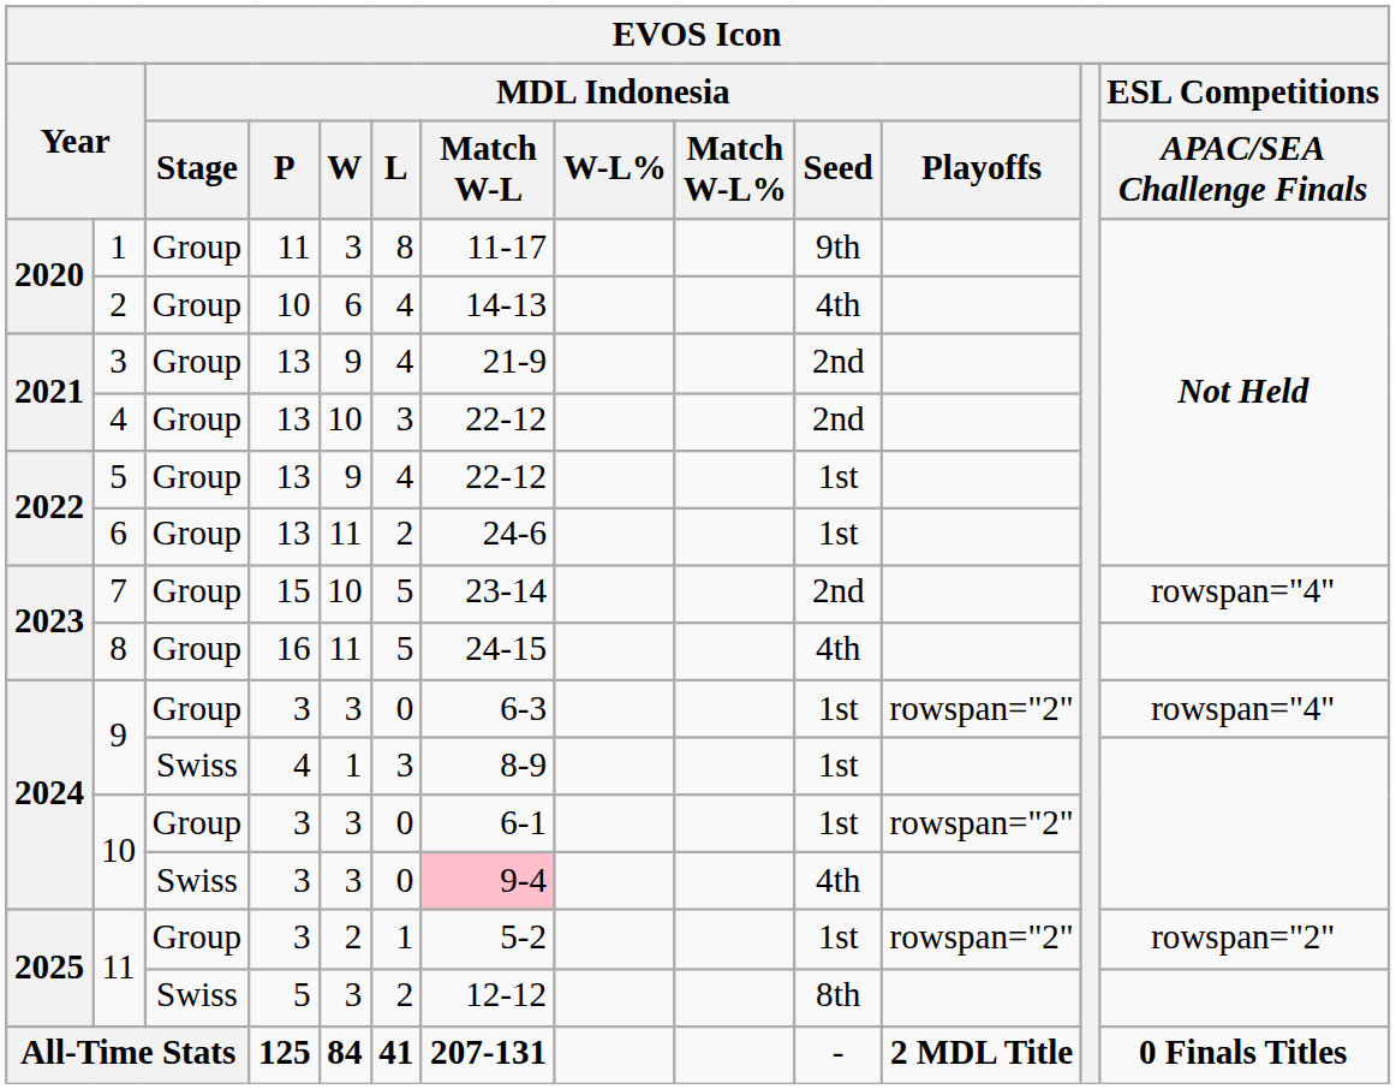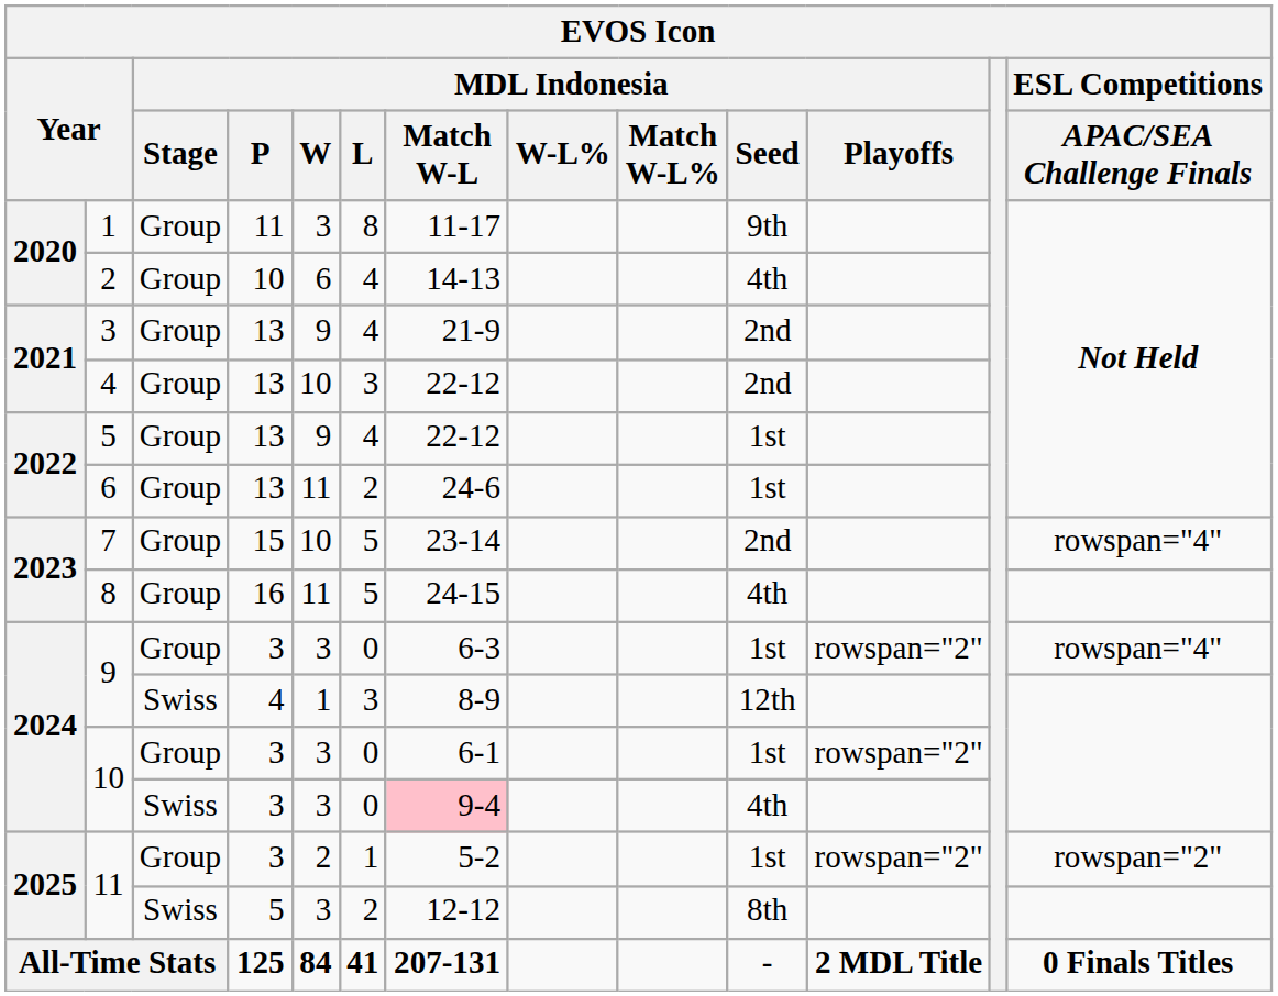 <table class="wikitable" style="font-size:80%; text-align:center;">
 <tr>
 <th colspan="13"> EVOS Icon</th>
 </tr>
 <tr>
 <th colspan="2" rowspan="2">Year</th>
 <th colspan="9">MDL Indonesia</th>
 <th rowspan="17"></th>
 <th>ESL Competitions</th>
 </tr>
 <tr>
 <th>Stage</th>
 <th>P</th>
 <th>W</th>
 <th>L</th>
 <th>Match <br> W-L</th>
 <th>W-L%</th>
 <th>Match <br> W-L%</th>
 <th>Seed</th>
 <th>Playoffs</th>
 <th><em>APAC/SEA <br> Challenge Finals</em></th>
 </tr>
 <tr>
 <th rowspan="2">2020</th>
 <td>1</td>
 <td style="text-align:center;">Group</td>
 <td style="text-align:right;">11</td>
 <td style="text-align:right;">3</td>
 <td style="text-align:right;">8</td>
 <td style="text-align:right;">11-17</td>
 <td style="text-align:right;"></td>
 <td style="text-align:right;"></td>
 <td style="text-align:center;">9th</td>
 <td></td>
 <td rowspan="6"><strong><em>Not Held</em></strong></td>
 </tr>
 <tr>
 <td>2</td>
 <td style="text-align:center;">Group</td>
 <td style="text-align:right;">10</td>
 <td style="text-align:right;">6</td>
 <td style="text-align:right;">4</td>
 <td style="text-align:right;">14-13</td>
 <td style="text-align:right;"></td>
 <td style="text-align:right;"></td>
 <td style="text-align:center;">4th</td>
 <td></td>
 </tr>
 <tr>
 <th rowspan="2">2021</th>
 <td>3</td>
 <td style="text-align:center;">Group</td>
 <td style="text-align:right;">13</td>
 <td style="text-align:right;">9</td>
 <td style="text-align:right;">4</td>
 <td style="text-align:right;">21-9</td>
 <td style="text-align:right;"></td>
 <td style="text-align:right;"></td>
 <td style="text-align:center;">2nd</td>
 <td></td>
 </tr>
 <tr>
 <td>4</td>
 <td style="text-align:center;">Group</td>
 <td style="text-align:right;">13</td>
 <td style="text-align:right;">10</td>
 <td style="text-align:right;">3</td>
 <td style="text-align:right;">22-12</td>
 <td style="text-align:right;"></td>
 <td style="text-align:right;"></td>
 <td style="text-align:center;">2nd</td>
 <td></td>
 </tr>
 <tr>
 <th rowspan="2">2022</th>
 <td>5</td>
 <td style="text-align:center;">Group</td>
 <td style="text-align:right;">13</td>
 <td style="text-align:right;">9</td>
 <td style="text-align:right;">4</td>
 <td style="text-align:right;">22-12</td>
 <td style="text-align:right;"></td>
 <td style="text-align:right;"></td>
 <td style="text-align:center;">1st</td>
 <td></td>
 </tr>
 <tr>
 <td>6</td>
 <td style="text-align:center;">Group</td>
 <td style="text-align:right;">13</td>
 <td style="text-align:right;">11</td>
 <td style="text-align:right;">2</td>
 <td style="text-align:right;">24-6</td>
 <td style="text-align:right;"></td>
 <td style="text-align:right;"></td>
 <td style="text-align:center;">1st</td>
 <td></td>
 </tr>
 <tr>
 <th rowspan="2">2023</th>
 <td>7</td>
 <td style="text-align:center;">Group</td>
 <td style="text-align:right;">15</td>
 <td style="text-align:right;">10</td>
 <td style="text-align:right;">5</td>
 <td style="text-align:right;">23-14</td>
 <td style="text-align:right;"></td>
 <td style="text-align:right;"></td>
 <td style="text-align:center;">2nd</td>
 <td></td>
 <td>rowspan="4" </td>
 </tr>
 <tr>
 <td>8</td>
 <td style="text-align:center;">Group</td>
 <td style="text-align:right;">16</td>
 <td style="text-align:right;">11</td>
 <td style="text-align:right;">5</td>
 <td style="text-align:right;">24-15</td>
 <td style="text-align:right;"></td>
 <td style="text-align:right;"></td>
 <td style="text-align:center;">4th</td>
 <td></td>
 </tr>
 <tr>
 <th rowspan="4">2024</th>
 <td rowspan="2">9</td>
 <td style="text-align:center;">Group</td>
 <td style="text-align:right;">3</td>
 <td style="text-align:right;">3</td>
 <td style="text-align:right;">0</td>
 <td style="text-align:right;">6-3</td>
 <td style="text-align:right;"></td>
 <td style="text-align:right;"></td>
 <td style="text-align:center;">1st</td>
 <td>rowspan="2" </td>
 <td>rowspan="4" </td>
 </tr>
 <tr>
 <td style="text-align:center;">Swiss</td>
 <td style="text-align:right;">4</td>
 <td style="text-align:right;">1</td>
 <td style="text-align:right;">3</td>
 <td style="text-align:right;">8-9</td>
 <td style="text-align:right;"></td>
 <td style="text-align:right;"></td>
-<td style="text-align:center;">1st</td>
+<td style="text-align:center;">12th</td>
 </tr>
 <tr>
 <td rowspan="2">10</td>
 <td style="text-align:center;">Group</td>
 <td style="text-align:right;">3</td>
 <td style="text-align:right;">3</td>
 <td style="text-align:right;">0</td>
 <td style="text-align:right;">6-1</td>
 <td style="text-align:right;"></td>
 <td style="text-align:right;"></td>
 <td style="text-align:center;">1st</td>
 <td>rowspan="2" </td>
 </tr>
 <tr>
 <td style="text-align:center;">Swiss</td>
 <td style="text-align:right;">3</td>
 <td style="text-align:right;">3</td>
 <td style="text-align:right;">0</td>
 <td style="background: pink; text-align:right;">9-4</td>
 <td style="text-align:right;"></td>
 <td style="text-align:right;"></td>
 <td style="text-align:center;">4th</td>
 </tr>
 <tr>
 <th rowspan="2">2025</th>
 <td rowspan="2">11</td>
 <td style="text-align:center;">Group</td>
 <td style="text-align:right;">3</td>
 <td style="text-align:right;">2</td>
 <td style="text-align:right;">1</td>
 <td style="text-align:right;">5-2</td>
 <td style="text-align:right;"></td>
 <td style="text-align:right;"></td>
 <td style="text-align:center;">1st</td>
 <td>rowspan="2"  </td>
 <td>rowspan="2" </td>
 </tr>
 <tr>
 <td style="text-align:center;">Swiss</td>
 <td style="text-align:right;">5</td>
 <td style="text-align:right;">3</td>
 <td style="text-align:right;">2</td>
 <td style="text-align:right;">12-12</td>
 <td style="text-align:right;"></td>
 <td style="text-align:right;"></td>
 <td style="text-align:center;">8th</td>
 </tr>
 <tr>
 <th colspan="3">All-Time Stats</th>
 <td><strong>125</strong></td>
 <td><strong>84</strong></td>
 <td><strong>41</strong></td>
 <td><strong>207-131</strong></td>
 <td></td>
 <td></td>
 <td>-</td>
 <td style="text-align:center;"><strong>2 MDL Title</strong></td>
 <td style="text-align:center;"><strong>0 Finals Titles</strong></td>
 </tr>
 </table>
